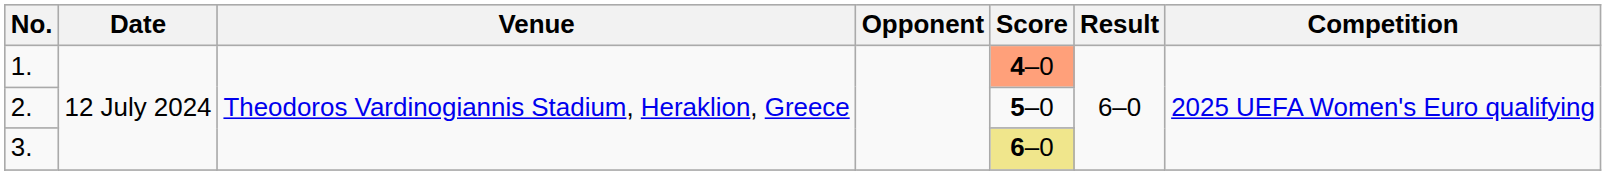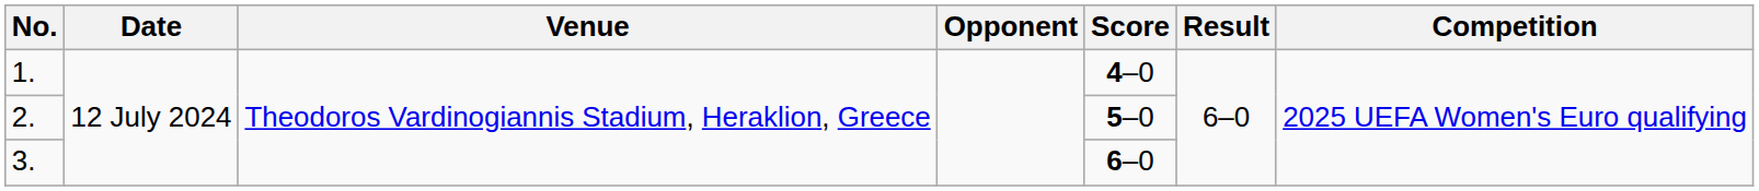 <table class="wikitable">
 <tr>
 <th>No.</th>
 <th>Date</th>
 <th>Venue</th>
 <th>Opponent</th>
 <th>Score</th>
 <th>Result</th>
 <th>Competition</th>
 </tr>
 <tr>
 <td>1.</td>
 <td rowspan=3>12 July 2024</td>
 <td rowspan=3><a href='#'>Theodoros Vardinogiannis Stadium</a>, <a href='#'>Heraklion</a>, <a href='#'>Greece</a></td>
 <td rowspan=3></td>
-<td align=center style="background: lightsalmon;"><strong>4</strong>–0</td>
+<td align=center><strong>4</strong>–0</td>
 <td rowspan=3 align=center>6–0</td>
 <td rowspan=3><a href='#'>2025 UEFA Women's Euro qualifying</a></td>
 </tr>
 <tr>
 <td>2.</td>
 <td align=center><strong>5</strong>–0</td>
 </tr>
 <tr>
 <td>3.</td>
-<td align=center style="background: khaki;"><strong>6</strong>–0</td>
+<td align=center><strong>6</strong>–0</td>
 </tr>
 </table>
